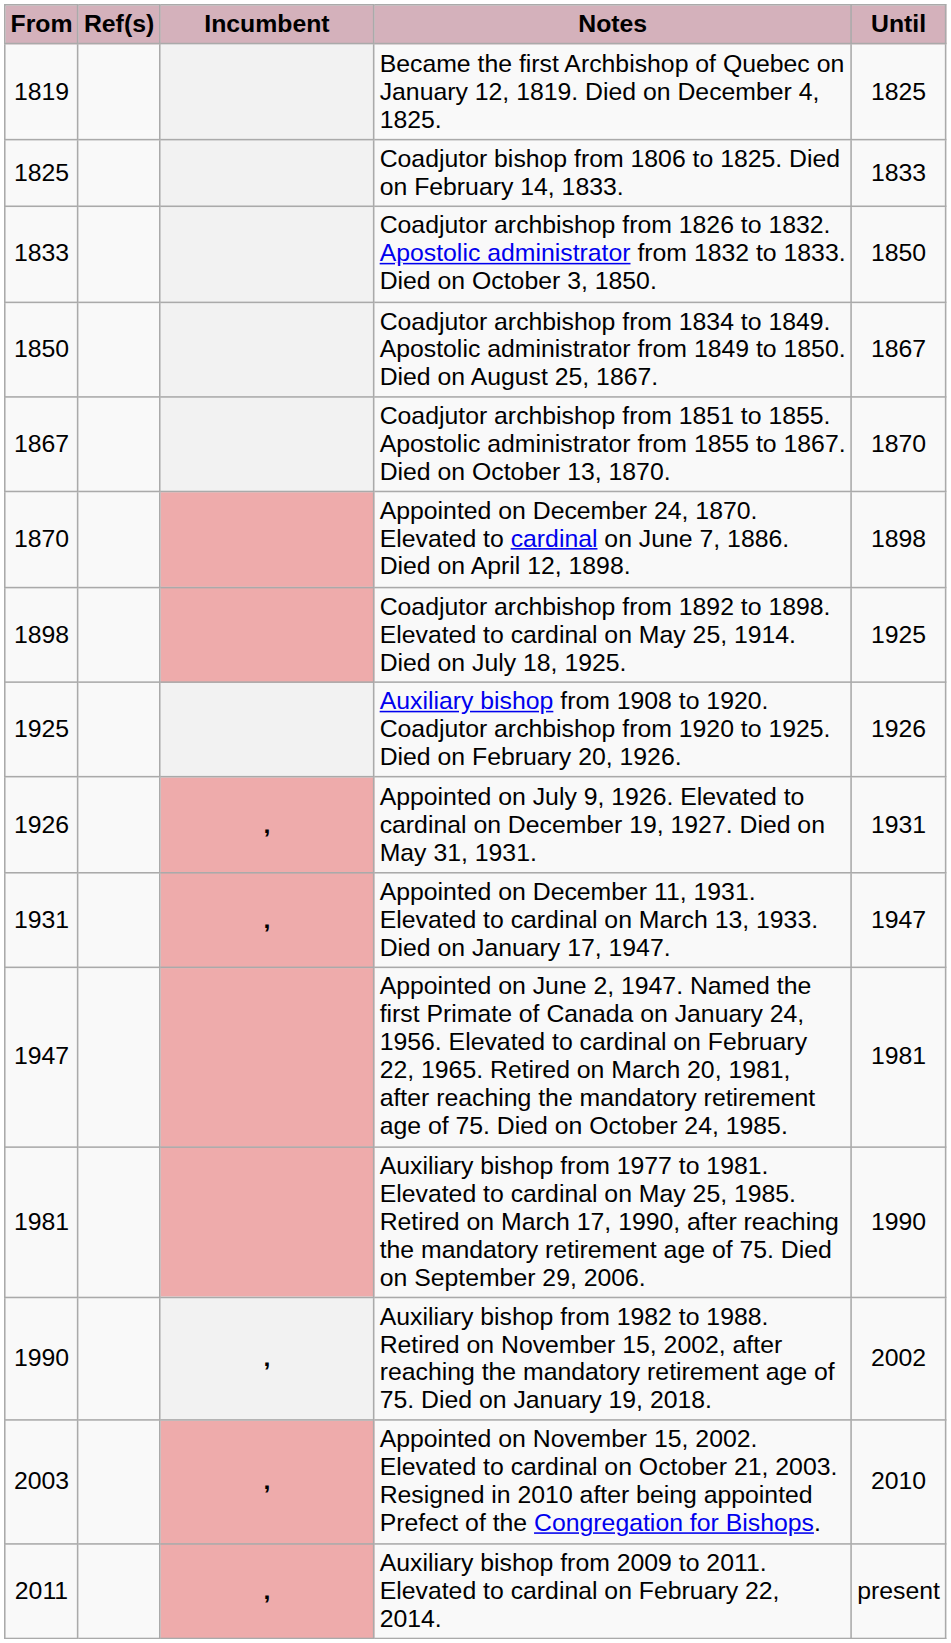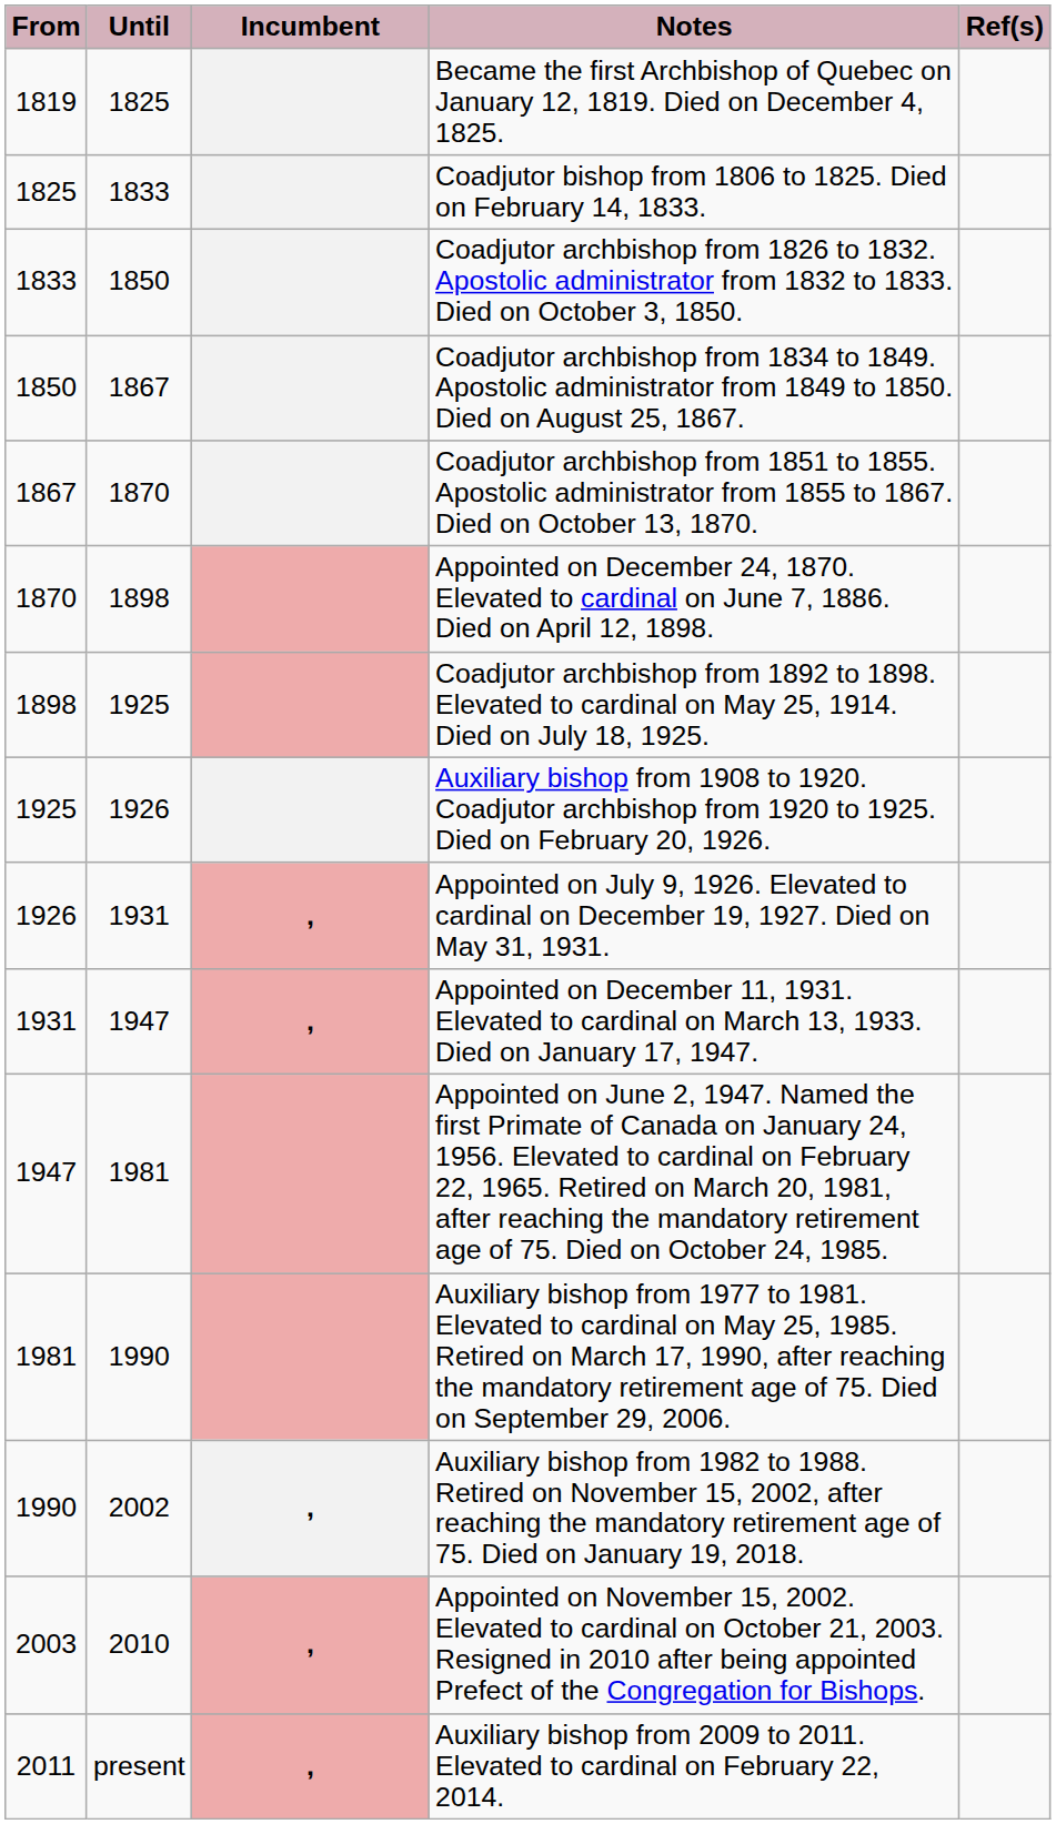 <table class="wikitable sortable plainrowheaders" style="text-align:center;">
 <tr>
 <th scope="col" style="background-color: #D4B1BB; width: 7%">From</th>
-<th scope="col" style="background-color: #D4B1BB" class="unsortable">Ref(s)</th>
+<th scope="col" style="background-color: #D4B1BB; width: 7%">Until</th>
 <th scope="col" style="background-color: #D4B1BB; width: 25%">Incumbent</th>
 <th scope="col" style="background-color: #D4B1BB; width: 60%" class="unsortable">Notes</th>
-<th scope="col" style="background-color: #D4B1BB; width: 7%">Until</th>
+<th scope="col" style="background-color: #D4B1BB" class="unsortable">Ref(s)</th>
 </tr>
 <tr>
 <td>1819</td>
-<td></td>
+<td>1825</td>
 <th scope="row"></th>
 <td style="text-align:left">Became the first Archbishop of Quebec on January 12, 1819.  Died on December 4, 1825.</td>
-<td>1825</td>
+<td></td>
 </tr>
 <tr>
 <td>1825</td>
-<td></td>
+<td>1833</td>
 <th scope="row"></th>
 <td style="text-align:left">Coadjutor bishop from 1806 to 1825.  Died on February 14, 1833.</td>
-<td>1833</td>
+<td></td>
 </tr>
 <tr>
 <td>1833</td>
-<td></td>
+<td>1850</td>
 <th scope="row"></th>
 <td style="text-align:left">Coadjutor archbishop from 1826 to 1832.  <a href='#'>Apostolic administrator</a> from 1832 to 1833.  Died on October 3, 1850.</td>
-<td>1850</td>
+<td></td>
 </tr>
 <tr>
 <td>1850</td>
-<td></td>
+<td>1867</td>
 <th scope="row"></th>
 <td style="text-align:left">Coadjutor archbishop from 1834 to 1849.  Apostolic administrator from 1849 to 1850.  Died on August 25, 1867.</td>
-<td>1867</td>
+<td></td>
 </tr>
 <tr>
 <td>1867</td>
-<td></td>
+<td>1870</td>
 <th scope="row"></th>
 <td style="text-align:left">Coadjutor archbishop from 1851 to 1855.  Apostolic administrator from 1855 to 1867.  Died on October 13, 1870.</td>
-<td>1870</td>
+<td></td>
 </tr>
 <tr>
 <td>1870</td>
-<td></td>
+<td>1898</td>
 <th scope="row" style="background-color: #eeabab"></th>
 <td style="text-align:left">Appointed on December 24, 1870.  Elevated to <a href='#'>cardinal</a> on June 7, 1886.  Died on April 12, 1898.</td>
-<td>1898</td>
+<td></td>
 </tr>
 <tr>
 <td>1898</td>
-<td></td>
+<td>1925</td>
 <th scope="row" style="background-color: #eeabab"></th>
 <td style="text-align:left">Coadjutor archbishop from 1892 to 1898.  Elevated to cardinal on May 25, 1914.  Died on July 18, 1925.</td>
-<td>1925</td>
+<td></td>
 </tr>
 <tr>
 <td>1925</td>
-<td></td>
+<td>1926</td>
 <th scope="row"></th>
 <td style="text-align:left"><a href='#'>Auxiliary bishop</a> from 1908 to 1920.  Coadjutor archbishop from 1920 to 1925.  Died on February 20, 1926.</td>
-<td>1926</td>
+<td></td>
 </tr>
 <tr>
 <td>1926</td>
-<td></td>
+<td>1931</td>
 <th scope="row" style="background-color: #eeabab">, </th>
 <td style="text-align:left">Appointed on July 9, 1926.  Elevated to cardinal on December 19, 1927.  Died on May 31, 1931.</td>
-<td>1931</td>
+<td></td>
 </tr>
 <tr>
 <td>1931</td>
-<td></td>
+<td>1947</td>
 <th scope="row" style="background-color: #eeabab">, </th>
 <td style="text-align:left">Appointed on December 11, 1931.  Elevated to cardinal on March 13, 1933.  Died on January 17, 1947.</td>
-<td>1947</td>
+<td></td>
 </tr>
 <tr>
 <td>1947</td>
-<td></td>
+<td>1981</td>
 <th scope="row" style="background-color: #eeabab"></th>
 <td style="text-align:left">Appointed on June 2, 1947.  Named the first Primate of Canada on January 24, 1956.  Elevated to cardinal on February 22, 1965.  Retired on March 20, 1981, after reaching the mandatory retirement age of 75.  Died on October 24, 1985.</td>
-<td>1981</td>
+<td></td>
 </tr>
 <tr>
 <td>1981</td>
-<td></td>
+<td>1990</td>
 <th scope="row" style="background-color: #eeabab"></th>
 <td style="text-align:left">Auxiliary bishop from 1977 to 1981.  Elevated to cardinal on May 25, 1985.  Retired on March 17, 1990, after reaching the mandatory retirement age of 75.  Died on September 29, 2006.</td>
-<td>1990</td>
+<td></td>
 </tr>
 <tr>
 <td>1990</td>
-<td></td>
+<td>2002</td>
 <th scope="row">, </th>
 <td style="text-align:left">Auxiliary bishop from 1982 to 1988.  Retired on November 15, 2002, after reaching the mandatory retirement age of 75.  Died on January 19, 2018.</td>
-<td>2002</td>
+<td></td>
 </tr>
 <tr>
 <td>2003</td>
-<td></td>
+<td>2010</td>
 <th scope="row" style="background-color: #eeabab">, </th>
 <td style="text-align:left">Appointed on November 15, 2002.  Elevated to cardinal on October 21, 2003.  Resigned in 2010 after being appointed Prefect of the <a href='#'>Congregation for Bishops</a>.</td>
-<td>2010</td>
+<td></td>
 </tr>
 <tr>
 <td>2011</td>
-<td></td>
+<td data-sort-value=2020>present</td>
 <th scope="row" style="background-color: #eeabab">, </th>
 <td style="text-align:left">Auxiliary bishop from 2009 to 2011.  Elevated to cardinal on February 22, 2014.</td>
-<td data-sort-value=2020>present</td>
+<td></td>
 </tr>
 </table>
